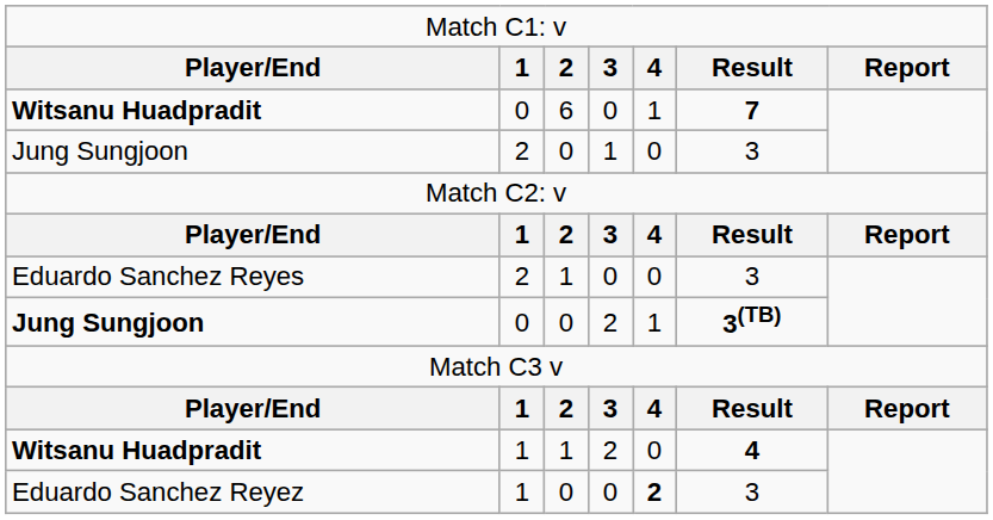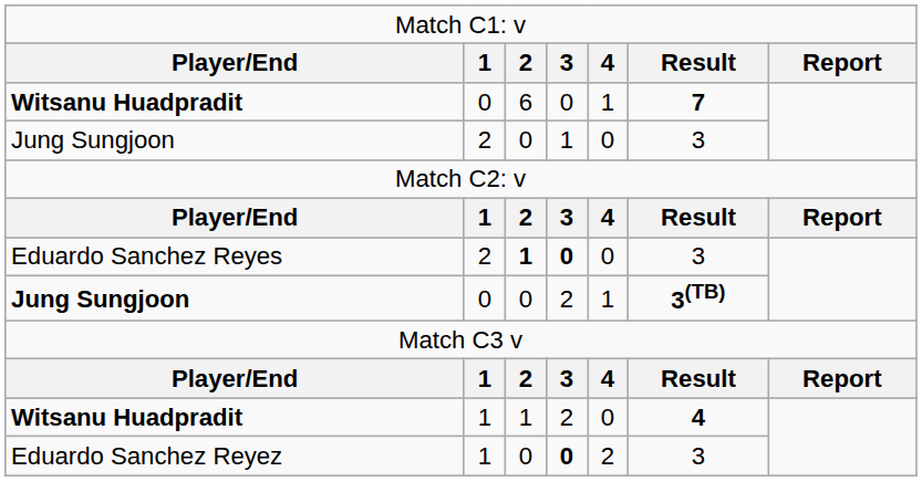 <table class="wikitable" style=font-size:85%;text-align:center;width:40%>
 <tr>
 <td colspan="7">Match C1: v </td>
 </tr>
 <tr>
 <th>Player/End</th>
 <th>1</th>
 <th>2</th>
 <th>3</th>
 <th>4</th>
 <th>Result</th>
 <th>Report</th>
 </tr>
 <tr>
 <td align=left> <strong>Witsanu Huadpradit</strong></td>
 <td>0</td>
 <td>6</td>
 <td>0</td>
 <td>1</td>
 <td><strong>7</strong></td>
 <td rowspan="2"></td>
 </tr>
 <tr>
 <td align=left> Jung Sungjoon</td>
 <td>2</td>
 <td>0</td>
 <td>1</td>
 <td>0</td>
 <td>3</td>
 </tr>
 <tr>
 <td colspan="7">Match C2: v </td>
 </tr>
 <tr>
 <th>Player/End</th>
 <th>1</th>
 <th>2</th>
 <th>3</th>
 <th>4</th>
 <th>Result</th>
 <th>Report</th>
 </tr>
 <tr>
 <td align=left> Eduardo Sanchez Reyes</td>
 <td>2</td>
-<td>1</td>
-<td>0</td>
+<td><strong>1</strong></td>
+<td><strong>0</strong></td>
 <td>0</td>
 <td>3</td>
 <td rowspan="2"></td>
 </tr>
 <tr>
 <td align=left><strong> Jung Sungjoon</strong></td>
 <td>0</td>
 <td>0</td>
 <td>2</td>
 <td>1</td>
 <td><strong>3<sup>(TB)</sup></strong></td>
 </tr>
 <tr>
 <td colspan="7">Match C3  v </td>
 </tr>
 <tr>
 <th>Player/End</th>
 <th>1</th>
 <th>2</th>
 <th>3</th>
 <th>4</th>
 <th>Result</th>
 <th>Report</th>
 </tr>
 <tr>
 <td align=left><strong> Witsanu Huadpradit</strong></td>
 <td>1</td>
 <td>1</td>
 <td>2</td>
 <td>0</td>
 <td><strong>4</strong></td>
 <td rowspan="2"></td>
 </tr>
 <tr>
 <td align=left> Eduardo Sanchez Reyez</td>
 <td>1</td>
 <td>0</td>
-<td>0</td>
-<td><strong>2</strong></td>
+<td><strong>0</strong></td>
+<td>2</td>
 <td>3</td>
 </tr>
 </table>
